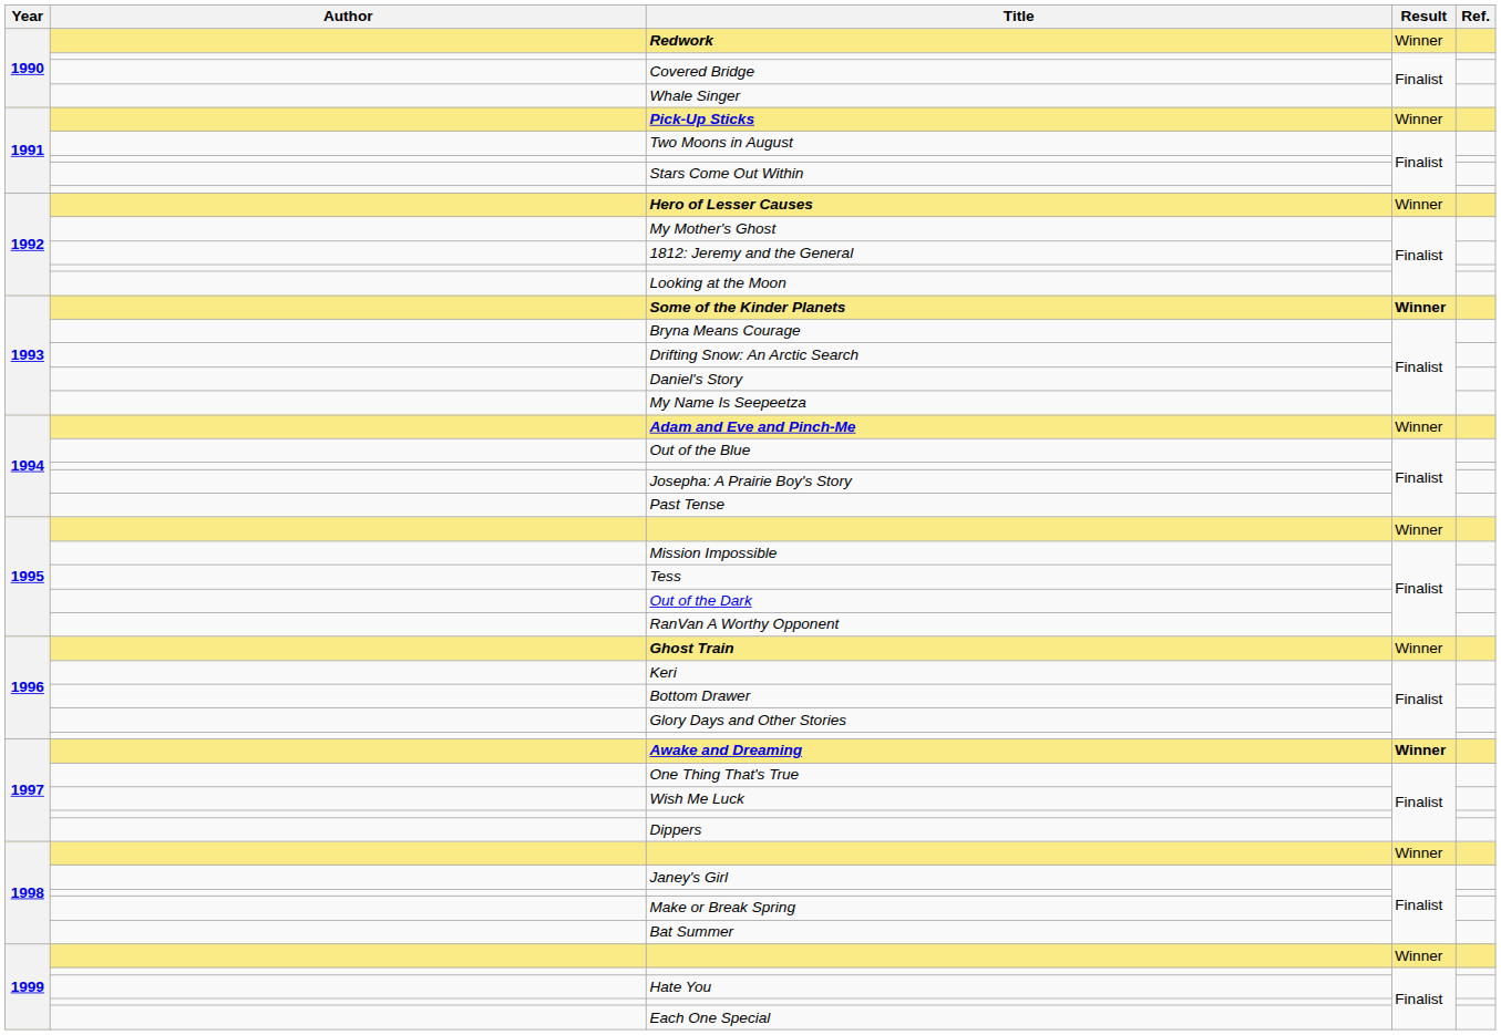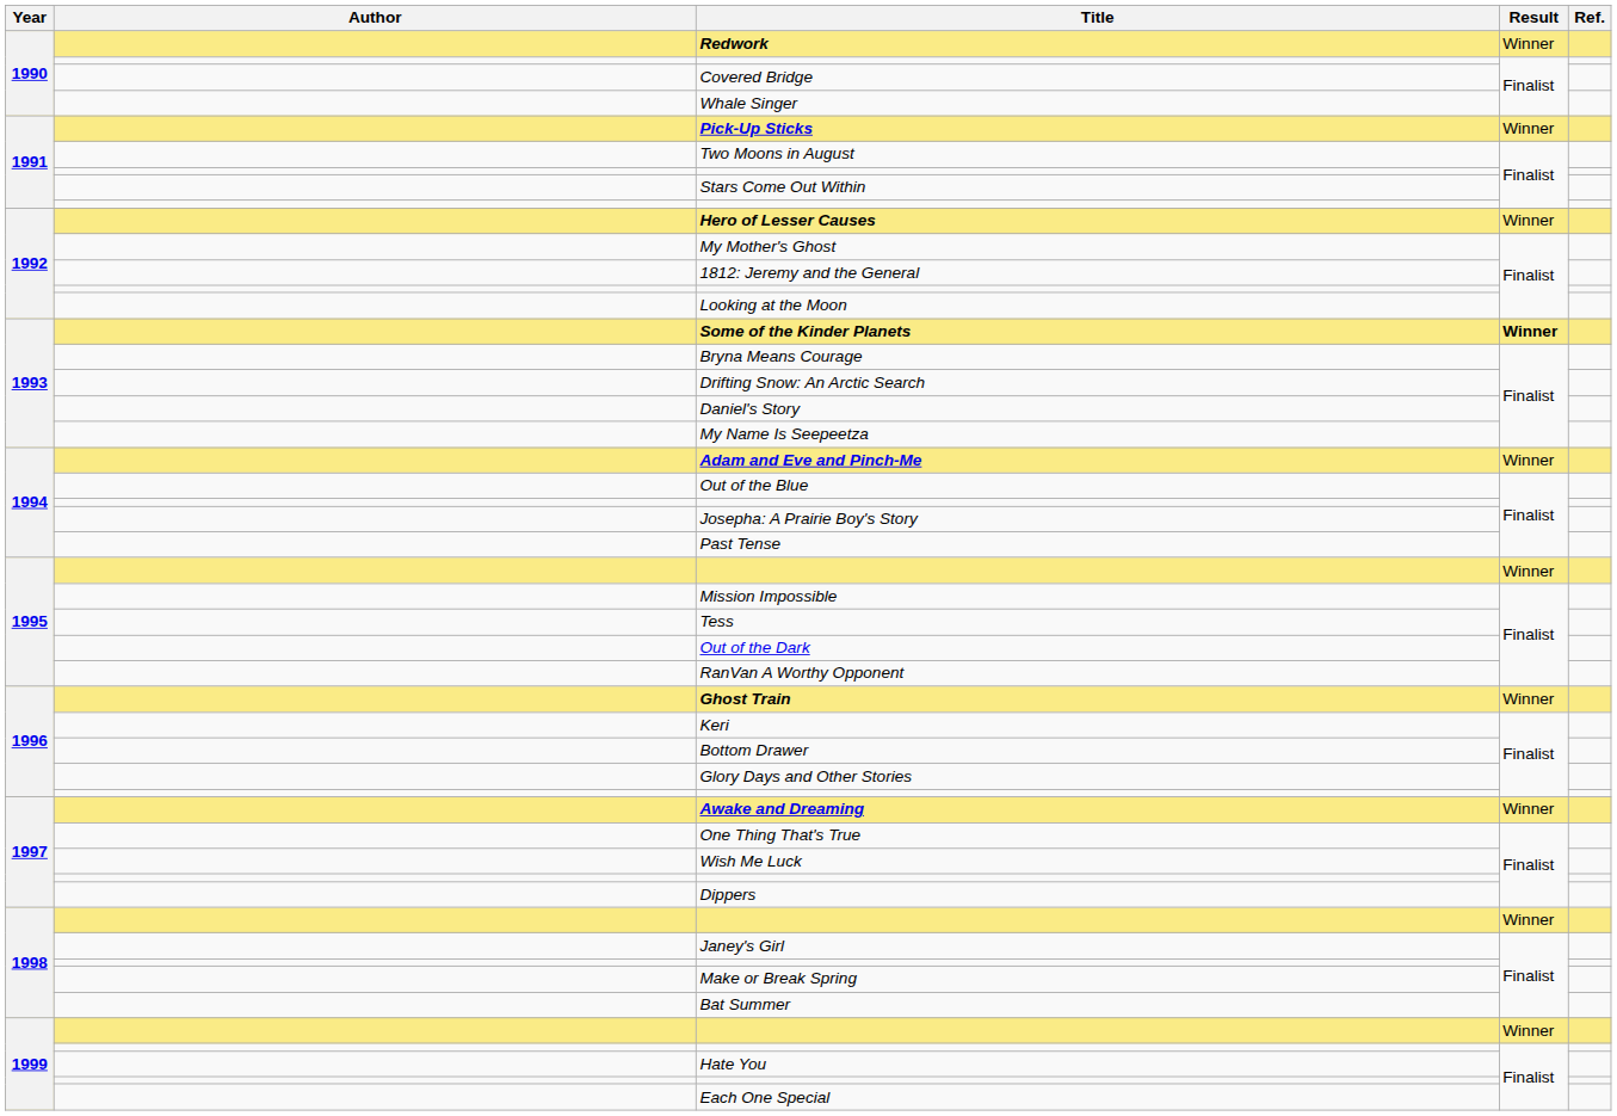 <table class="wikitable sortable mw-collapsible" width="100%">
 <tr>
 <th>Year</th>
 <th width="40%">Author</th>
 <th width="50%">Title</th>
 <th>Result</th>
 <th>Ref.</th>
 </tr>
 <tr style="background:#FAEB86">
 <th rowspan="4"><a href='#'>1990</a></th>
 <td><strong></strong></td>
 <td><strong><em>Redwork</em></strong></td>
 <td>Winner</td>
 <td></td>
 </tr>
 <tr>
 <td></td>
 <td><em></em></td>
 <td rowspan="3">Finalist</td>
 <td></td>
 </tr>
 <tr>
 <td></td>
 <td><em>Covered Bridge</em></td>
 <td></td>
 </tr>
 <tr>
 <td></td>
 <td><em>Whale Singer</em></td>
 <td></td>
 </tr>
 <tr style="background:#FAEB86">
 <th rowspan="5"><a href='#'>1991</a></th>
 <td><strong></strong></td>
 <td><strong><em><a href='#'>Pick-Up Sticks</a></em></strong></td>
 <td>Winner</td>
 <td></td>
 </tr>
 <tr>
 <td></td>
 <td><em>Two Moons in August</em></td>
 <td rowspan="4">Finalist</td>
 <td></td>
 </tr>
 <tr>
 <td></td>
 <td></td>
 <td></td>
 </tr>
 <tr>
 <td></td>
 <td><em>Stars Come Out Within</em></td>
 <td></td>
 </tr>
 <tr>
 <td></td>
 <td></td>
 <td></td>
 </tr>
 <tr style="background:#FAEB86">
 <th rowspan="5"><a href='#'>1992</a></th>
 <td><strong></strong></td>
 <td><strong><em>Hero of Lesser Causes</em></strong></td>
 <td>Winner</td>
 <td></td>
 </tr>
 <tr>
 <td></td>
 <td><em>My Mother's Ghost</em></td>
 <td rowspan="4">Finalist</td>
 <td></td>
 </tr>
 <tr>
 <td></td>
 <td><em>1812: Jeremy and the General</em></td>
 <td></td>
 </tr>
 <tr>
 <td></td>
 <td></td>
 <td></td>
 </tr>
 <tr>
 <td></td>
 <td><em>Looking at the Moon</em></td>
 <td></td>
 </tr>
 <tr style="background:#FAEB86">
 <th rowspan="5"><a href='#'>1993</a></th>
 <td><strong></strong></td>
 <td><strong><em>Some of the Kinder Planets</em></strong></td>
 <td><strong>Winner</strong></td>
 <td></td>
 </tr>
 <tr>
 <td></td>
 <td><em>Bryna Means Courage</em></td>
 <td rowspan="4">Finalist</td>
 <td></td>
 </tr>
 <tr>
 <td></td>
 <td><em>Drifting Snow: An Arctic Search</em></td>
 <td></td>
 </tr>
 <tr>
 <td></td>
 <td><em>Daniel's Story</em></td>
 <td></td>
 </tr>
 <tr>
 <td></td>
 <td><em>My Name Is Seepeetza</em></td>
 <td></td>
 </tr>
 <tr style="background:#FAEB86">
 <th rowspan="5"><a href='#'>1994</a></th>
 <td><strong></strong></td>
 <td><strong><em><a href='#'>Adam and Eve and Pinch-Me</a></em></strong></td>
 <td>Winner</td>
 <td></td>
 </tr>
 <tr>
 <td></td>
 <td><em>Out of the Blue</em></td>
 <td rowspan="4">Finalist</td>
 <td></td>
 </tr>
 <tr>
 <td></td>
 <td></td>
 <td></td>
 </tr>
 <tr>
 <td></td>
 <td><em>Josepha: A Prairie Boy's Story</em></td>
 <td></td>
 </tr>
 <tr>
 <td></td>
 <td><em>Past Tense</em></td>
 <td></td>
 </tr>
 <tr style="background:#FAEB86">
 <th rowspan="5"><a href='#'>1995</a></th>
 <td><strong></strong></td>
 <td></td>
 <td>Winner</td>
 <td></td>
 </tr>
 <tr>
 <td></td>
 <td><em>Mission Impossible</em></td>
 <td rowspan="4">Finalist</td>
 <td></td>
 </tr>
 <tr>
 <td></td>
 <td><em>Tess</em></td>
 <td></td>
 </tr>
 <tr>
 <td></td>
 <td><em><a href='#'>Out of the Dark</a></em></td>
 <td></td>
 </tr>
 <tr>
 <td></td>
 <td><em>RanVan A Worthy Opponent</em></td>
 <td></td>
 </tr>
 <tr style="background:#FAEB86">
 <th rowspan="5"><a href='#'>1996</a></th>
 <td><strong></strong></td>
 <td><strong><em>Ghost Train</em></strong></td>
 <td>Winner</td>
 <td></td>
 </tr>
 <tr>
 <td></td>
 <td><em>Keri</em></td>
 <td rowspan="4">Finalist</td>
 <td></td>
 </tr>
 <tr>
 <td></td>
 <td><em>Bottom Drawer</em></td>
 <td></td>
 </tr>
 <tr>
 <td></td>
 <td><em>Glory Days and Other Stories</em></td>
 <td></td>
 </tr>
 <tr>
 <td></td>
 <td></td>
 <td></td>
 </tr>
 <tr style="background:#FAEB86">
 <th rowspan="5"><a href='#'>1997</a></th>
 <td><strong></strong></td>
 <td><strong><em><a href='#'>Awake and Dreaming</a></em></strong></td>
-<td><strong>Winner</strong></td>
+<td>Winner</td>
 <td></td>
 </tr>
 <tr>
 <td></td>
 <td><em>One Thing That's True</em></td>
 <td rowspan="4">Finalist</td>
 <td></td>
 </tr>
 <tr>
 <td></td>
 <td><em>Wish Me Luck</em></td>
 <td></td>
 </tr>
 <tr>
 <td></td>
 <td></td>
 <td></td>
 </tr>
 <tr>
 <td></td>
 <td><em>Dippers</em></td>
 <td></td>
 </tr>
 <tr style="background:#FAEB86">
 <th rowspan="5"><a href='#'>1998</a></th>
 <td><strong></strong></td>
 <td><strong></strong></td>
 <td>Winner</td>
 <td></td>
 </tr>
 <tr>
 <td></td>
 <td><em>Janey's Girl</em></td>
 <td rowspan="4">Finalist</td>
 <td></td>
 </tr>
 <tr>
 <td></td>
 <td></td>
 <td></td>
 </tr>
 <tr>
 <td></td>
 <td><em>Make or Break Spring</em></td>
 <td></td>
 </tr>
 <tr>
 <td></td>
 <td><em>Bat Summer</em></td>
 <td></td>
 </tr>
 <tr style="background:#FAEB86">
 <th rowspan="5"><a href='#'>1999</a></th>
 <td><strong></strong></td>
 <td><strong></strong></td>
 <td>Winner</td>
 <td></td>
 </tr>
 <tr>
 <td></td>
 <td></td>
 <td rowspan="4">Finalist</td>
 <td></td>
 </tr>
 <tr>
 <td></td>
 <td><em>Hate You</em></td>
 <td></td>
 </tr>
 <tr>
 <td></td>
 <td></td>
 <td></td>
 </tr>
 <tr>
 <td></td>
 <td><em>Each One Special</em></td>
 <td></td>
 </tr>
 </table>
